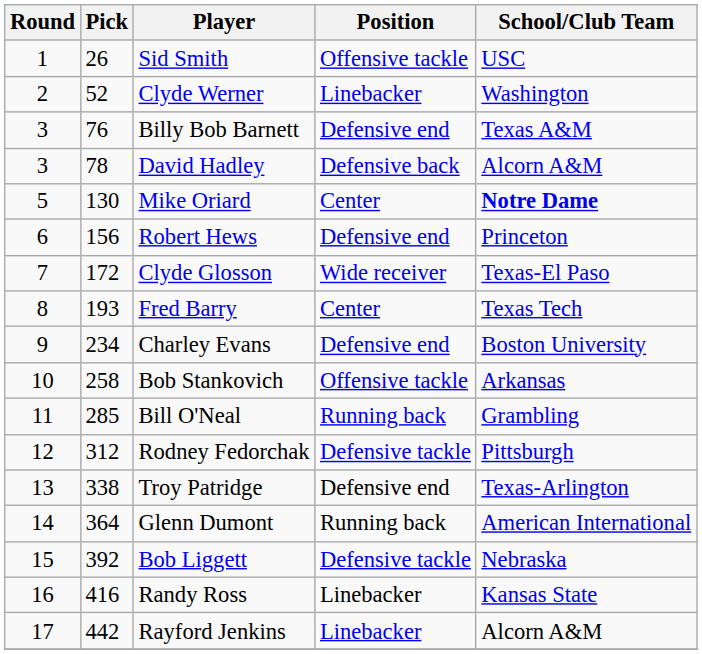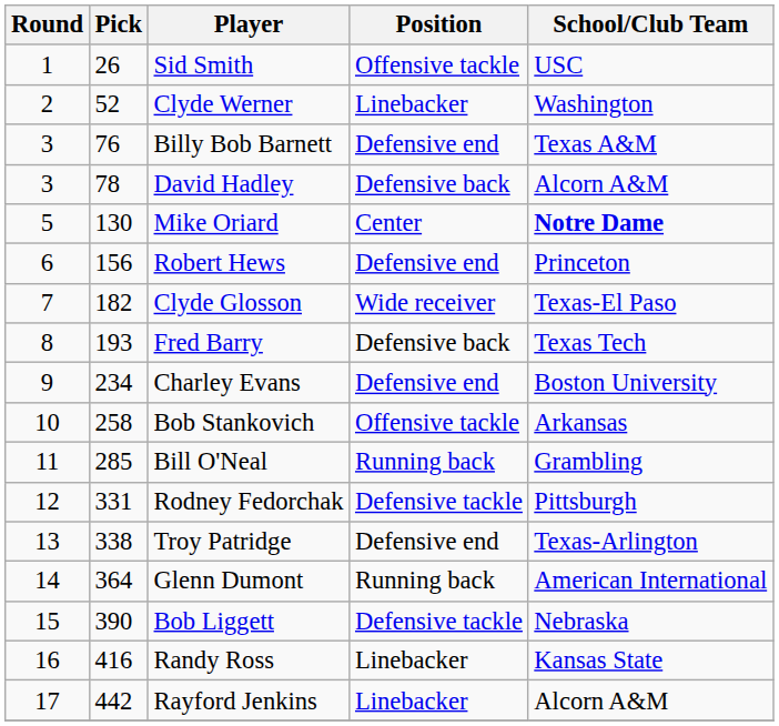 <table class="wikitable sortable sortable">
 <tr>
 <th>Round</th>
 <th>Pick</th>
 <th>Player</th>
 <th>Position</th>
 <th>School/Club Team</th>
 </tr>
 <tr>
 <td align=center>1</td>
 <td>26</td>
 <td><a href='#'>Sid Smith</a></td>
 <td><a href='#'>Offensive tackle</a></td>
 <td><a href='#'>USC</a></td>
 </tr>
 <tr>
 <td align=center>2</td>
 <td>52</td>
 <td><a href='#'>Clyde Werner</a></td>
 <td><a href='#'>Linebacker</a></td>
 <td><a href='#'>Washington</a></td>
 </tr>
 <tr>
 <td align=center>3</td>
 <td>76</td>
 <td>Billy Bob Barnett</td>
 <td><a href='#'>Defensive end</a></td>
 <td><a href='#'>Texas A&M</a></td>
 </tr>
 <tr>
 <td align=center>3</td>
 <td>78</td>
 <td><a href='#'>David Hadley</a></td>
 <td><a href='#'>Defensive back</a></td>
 <td><a href='#'>Alcorn A&M</a></td>
 </tr>
 <tr>
 <td align=center>5</td>
 <td>130</td>
 <td><a href='#'>Mike Oriard</a></td>
 <td><a href='#'>Center</a></td>
 <td><strong><a href='#'>Notre Dame</a></strong></td>
 </tr>
 <tr>
 <td align=center>6</td>
 <td>156</td>
 <td><a href='#'>Robert Hews</a></td>
 <td><a href='#'>Defensive end</a></td>
 <td><a href='#'>Princeton</a></td>
 </tr>
 <tr>
 <td align=center>7</td>
-<td>172</td>
+<td>182</td>
 <td><a href='#'>Clyde Glosson</a></td>
 <td><a href='#'>Wide receiver</a></td>
 <td><a href='#'>Texas-El Paso</a></td>
 </tr>
 <tr>
 <td align=center>8</td>
 <td>193</td>
 <td><a href='#'>Fred Barry</a></td>
-<td><a href='#'>Center</a></td>
+<td>Defensive back</td>
 <td><a href='#'>Texas Tech</a></td>
 </tr>
 <tr>
 <td align=center>9</td>
 <td>234</td>
 <td>Charley Evans</td>
 <td><a href='#'>Defensive end</a></td>
 <td><a href='#'>Boston University</a></td>
 </tr>
 <tr>
 <td align=center>10</td>
 <td>258</td>
 <td>Bob Stankovich</td>
 <td><a href='#'>Offensive tackle</a></td>
 <td><a href='#'>Arkansas</a></td>
 </tr>
 <tr>
 <td align=center>11</td>
 <td>285</td>
 <td>Bill O'Neal</td>
 <td><a href='#'>Running back</a></td>
 <td><a href='#'>Grambling</a></td>
 </tr>
 <tr>
 <td align=center>12</td>
-<td>312</td>
+<td>331</td>
 <td>Rodney Fedorchak</td>
 <td><a href='#'>Defensive tackle</a></td>
 <td><a href='#'>Pittsburgh</a></td>
 </tr>
 <tr>
 <td align=center>13</td>
 <td>338</td>
 <td>Troy Patridge</td>
 <td>Defensive end</td>
 <td><a href='#'>Texas-Arlington</a></td>
 </tr>
 <tr>
 <td align=center>14</td>
 <td>364</td>
 <td>Glenn Dumont</td>
 <td>Running back</td>
 <td><a href='#'>American International</a></td>
 </tr>
 <tr>
 <td align=center>15</td>
-<td>392</td>
+<td>390</td>
 <td><a href='#'>Bob Liggett</a></td>
 <td><a href='#'>Defensive tackle</a></td>
 <td><a href='#'>Nebraska</a></td>
 </tr>
 <tr>
 <td align=center>16</td>
 <td>416</td>
 <td>Randy Ross</td>
 <td>Linebacker</td>
 <td><a href='#'>Kansas State</a></td>
 </tr>
 <tr>
 <td align=center>17</td>
 <td>442</td>
 <td>Rayford Jenkins</td>
 <td><a href='#'>Linebacker</a></td>
 <td>Alcorn A&M</td>
 </tr>
 <tr>
 </tr>
 </table>
